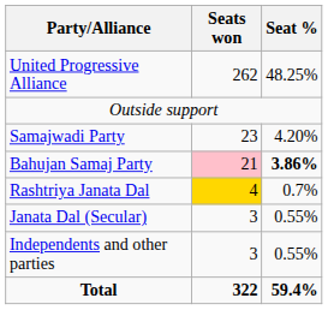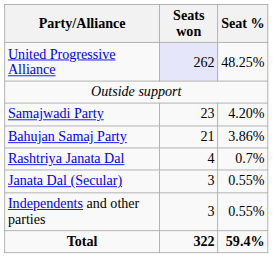 <table class="wikitable" style="float:right; width:300px;">
 <tr>
 <th>Party/Alliance</th>
 <th>Seats won</th>
 <th>Seat %</th>
 </tr>
 <tr>
 <td><a href='#'>United Progressive Alliance</a> <br></td>
-<td style="text-align:right;">262</td>
+<td style="background: lavender; text-align:right;">262</td>
 <td style="text-align:right;">48.25%</td>
 </tr>
 <tr>
 <td colspan="3" style="text-align:center;"><em>Outside support</em></td>
 </tr>
 <tr>
 <td><a href='#'>Samajwadi Party</a></td>
 <td style="text-align:right;">23</td>
 <td style="text-align:right;">4.20%</td>
 </tr>
 <tr>
 <td><a href='#'>Bahujan Samaj Party</a></td>
-<td style="background: pink; text-align:right;">21</td>
-<td style="text-align:right;"><strong>3.86%</strong></td>
+<td style="text-align:right;">21</td>
+<td style="text-align:right;">3.86%</td>
 </tr>
 <tr>
 <td><a href='#'>Rashtriya Janata Dal</a></td>
-<td style="background: gold; text-align:right;">4</td>
+<td style="text-align:right;">4</td>
 <td style="text-align:right;">0.7%</td>
 </tr>
 <tr>
 <td><a href='#'>Janata Dal (Secular)</a></td>
 <td style="text-align:right;">3</td>
 <td style="text-align:right;">0.55%</td>
 </tr>
 <tr>
 <td><a href='#'>Independents</a> and other parties</td>
 <td style="text-align:right;">3</td>
 <td style="text-align:right;">0.55%</td>
 </tr>
 <tr>
 <td style="text-align:center;"><strong>Total</strong></td>
 <td style="text-align:right;"><strong>322</strong></td>
 <td style="text-align:right;"><strong>59.4%</strong></td>
 </tr>
 </table>
